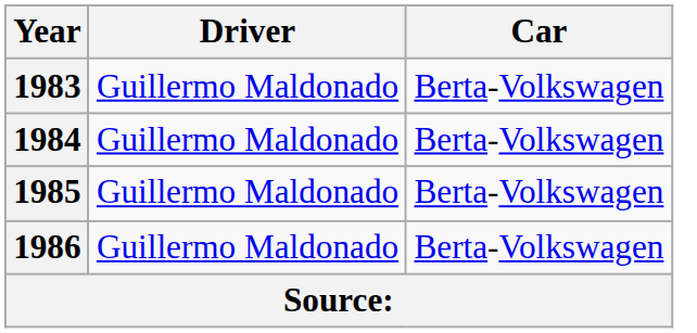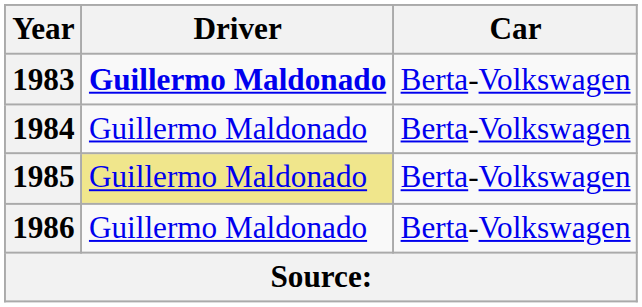 <table class="wikitable">
 <tr>
 <th>Year</th>
 <th>Driver</th>
 <th>Car</th>
 </tr>
 <tr>
 <th>1983</th>
-<td> <a href='#'>Guillermo Maldonado</a></td>
+<td><strong> <a href='#'>Guillermo Maldonado</a></strong></td>
 <td><a href='#'>Berta</a>-<a href='#'>Volkswagen</a></td>
 </tr>
 <tr>
 <th>1984</th>
 <td> <a href='#'>Guillermo Maldonado</a></td>
 <td><a href='#'>Berta</a>-<a href='#'>Volkswagen</a></td>
 </tr>
 <tr>
 <th>1985</th>
-<td> <a href='#'>Guillermo Maldonado</a></td>
+<td style="background: khaki;"> <a href='#'>Guillermo Maldonado</a></td>
 <td><a href='#'>Berta</a>-<a href='#'>Volkswagen</a></td>
 </tr>
 <tr>
 <th>1986</th>
 <td> <a href='#'>Guillermo Maldonado</a></td>
 <td><a href='#'>Berta</a>-<a href='#'>Volkswagen</a></td>
 </tr>
 <tr>
 <th colspan="3">Source:</th>
 </tr>
 </table>
